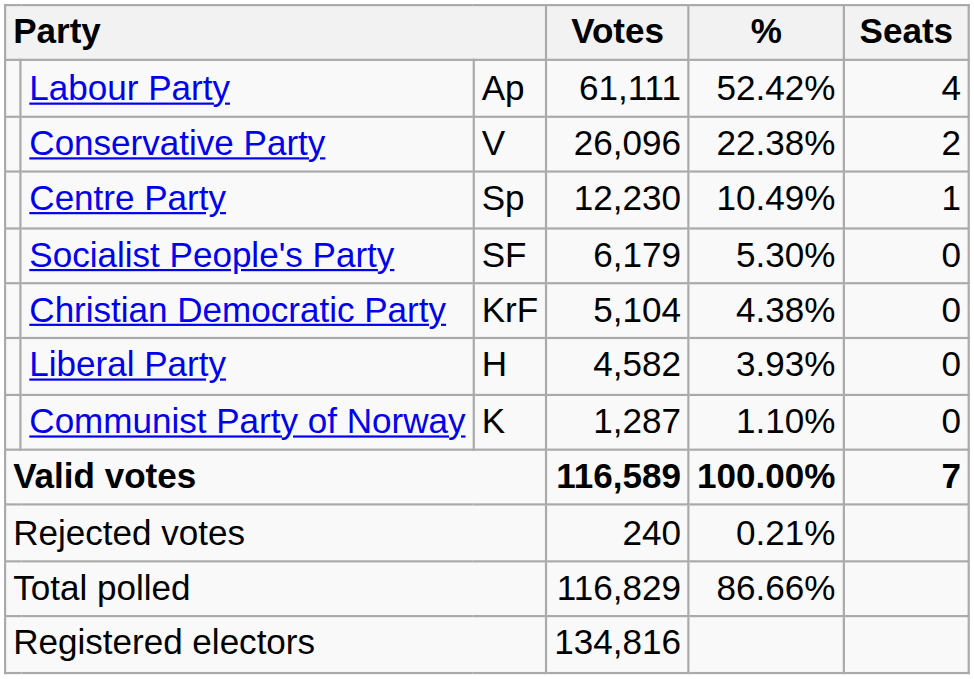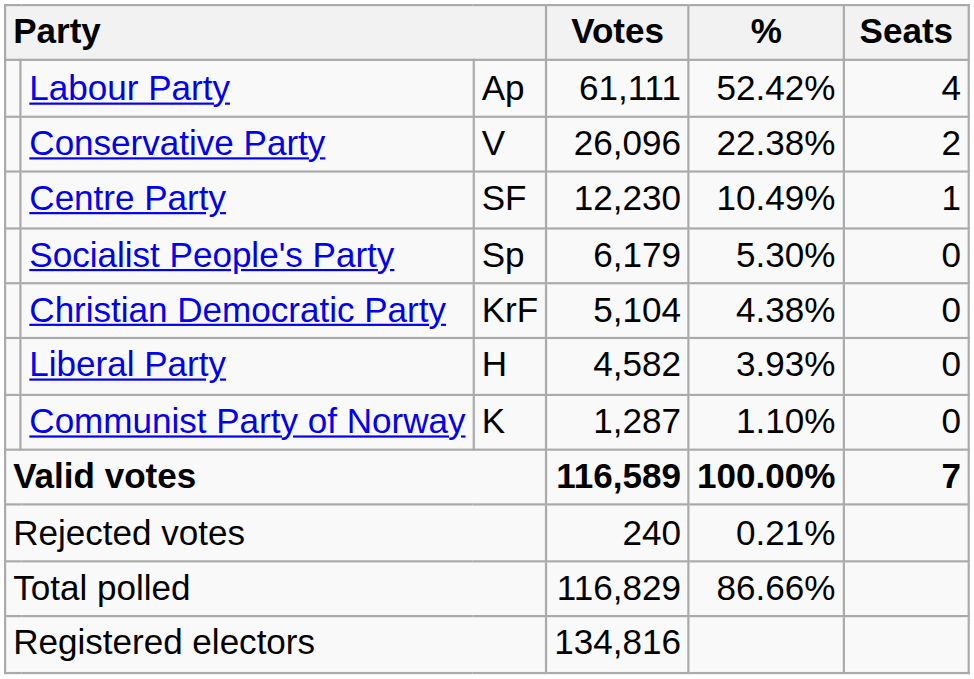 <table class="wikitable" border="1" style="text-align:right;">
 <tr>
 <th style="text-align:left;" colspan=3>Party</th>
 <th align=center width="50">Votes</th>
 <th align=center width="50">%</th>
 <th align=center width="50">Seats</th>
 </tr>
 <tr>
 <td style="color:inherit;background:"></td>
 <td align=left><a href='#'>Labour Party</a></td>
 <td align=left>Ap</td>
 <td>61,111</td>
 <td>52.42%</td>
 <td>4</td>
 </tr>
 <tr>
 <td style="color:inherit;background:"></td>
 <td align=left><a href='#'>Conservative Party</a></td>
 <td align=left>V</td>
 <td>26,096</td>
 <td>22.38%</td>
 <td>2</td>
 </tr>
 <tr>
 <td style="color:inherit;background:"></td>
 <td align=left><a href='#'>Centre Party</a></td>
-<td align=left>Sp</td>
+<td align=left>SF</td>
 <td>12,230</td>
 <td>10.49%</td>
 <td>1</td>
 </tr>
 <tr>
 <td style="color:inherit;background:"></td>
 <td align=left><a href='#'>Socialist People's Party</a></td>
-<td align=left>SF</td>
+<td align=left>Sp</td>
 <td>6,179</td>
 <td>5.30%</td>
 <td>0</td>
 </tr>
 <tr>
 <td style="color:inherit;background:"></td>
 <td align=left><a href='#'>Christian Democratic Party</a></td>
 <td align=left>KrF</td>
 <td>5,104</td>
 <td>4.38%</td>
 <td>0</td>
 </tr>
 <tr>
 <td style="color:inherit;background:"></td>
 <td align=left><a href='#'>Liberal Party</a></td>
 <td align=left>H</td>
 <td>4,582</td>
 <td>3.93%</td>
 <td>0</td>
 </tr>
 <tr>
 <td style="color:inherit;background:"></td>
 <td align=left><a href='#'>Communist Party of Norway</a></td>
 <td align=left>K</td>
 <td>1,287</td>
 <td>1.10%</td>
 <td>0</td>
 </tr>
 <tr style="font-weight:bold">
 <td align=left colspan=3>Valid votes</td>
 <td>116,589</td>
 <td>100.00%</td>
 <td>7</td>
 </tr>
 <tr>
 <td align=left colspan=3>Rejected votes</td>
 <td>240</td>
 <td>0.21%</td>
 <td></td>
 </tr>
 <tr>
 <td align=left colspan=3>Total polled</td>
 <td>116,829</td>
 <td>86.66%</td>
 <td></td>
 </tr>
 <tr>
 <td align=left colspan=3>Registered electors</td>
 <td>134,816</td>
 <td></td>
 <td></td>
 </tr>
 </table>
